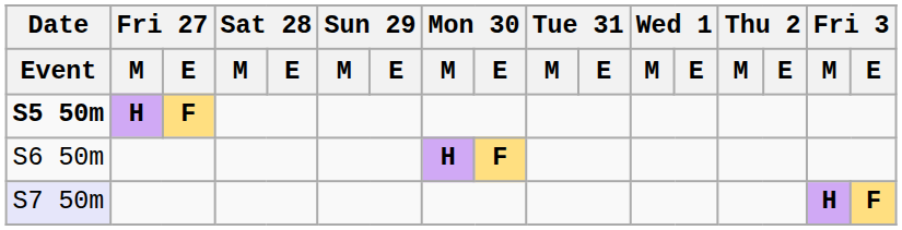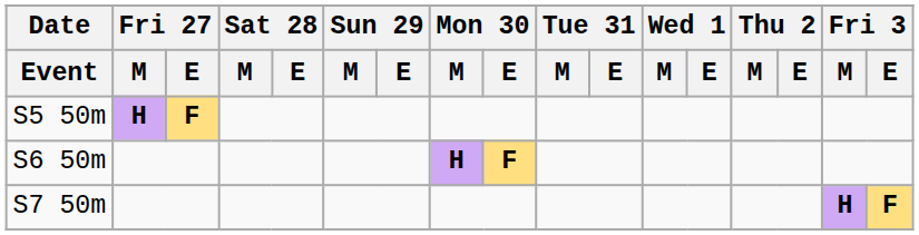 <table class="wikitable" style="margin:0.5em auto; font-size:90%; line-height:1.25em;">
 <tr align="center">
 </tr>
 <tr>
 <th>Date</th>
 <th colspan="2">Fri 27</th>
 <th colspan="2">Sat 28</th>
 <th colspan="2">Sun 29</th>
 <th colspan="2">Mon 30</th>
 <th colspan="2">Tue 31</th>
 <th colspan="2">Wed 1</th>
 <th colspan="2">Thu 2</th>
 <th colspan="2">Fri 3</th>
 </tr>
 <tr>
 <th>Event</th>
 <th>M</th>
 <th>E</th>
 <th>M</th>
 <th>E</th>
 <th>M</th>
 <th>E</th>
 <th>M</th>
 <th>E</th>
 <th>M</th>
 <th>E</th>
 <th>M</th>
 <th>E</th>
 <th>M</th>
 <th>E</th>
 <th>M</th>
 <th>E</th>
 </tr>
 <tr align="center">
-<td align="left"><strong>S5 50m</strong></td>
+<td align="left">S5 50m</td>
 <td bgcolor="#D0A9F5"><strong>H</strong></td>
 <td bgcolor="#FFDF80"><strong>F</strong></td>
 <td colspan="2"></td>
 <td colspan="2"></td>
 <td colspan="2"></td>
 <td colspan="2"></td>
 <td colspan="2"></td>
 <td colspan="2"></td>
 <td colspan="2"></td>
 </tr>
 <tr align="center">
 <td align="left">S6 50m</td>
 <td colspan="2"></td>
 <td colspan="2"></td>
 <td colspan="2"></td>
 <td bgcolor="#D0A9F5"><strong>H</strong></td>
 <td bgcolor="#FFDF80"><strong>F</strong></td>
 <td colspan="2"></td>
 <td colspan="2"></td>
 <td colspan="2"></td>
 <td colspan="2"></td>
 </tr>
 <tr align="center">
-<td align="left" style="background: lavender;">S7 50m</td>
+<td align="left">S7 50m</td>
 <td colspan="2"></td>
 <td colspan="2"></td>
 <td colspan="2"></td>
 <td colspan="2"></td>
 <td colspan="2"></td>
 <td colspan="2"></td>
 <td colspan="2"></td>
 <td bgcolor="#D0A9F5"><strong>H</strong></td>
 <td bgcolor="#FFDF80"><strong>F</strong></td>
 </tr>
 </table>
